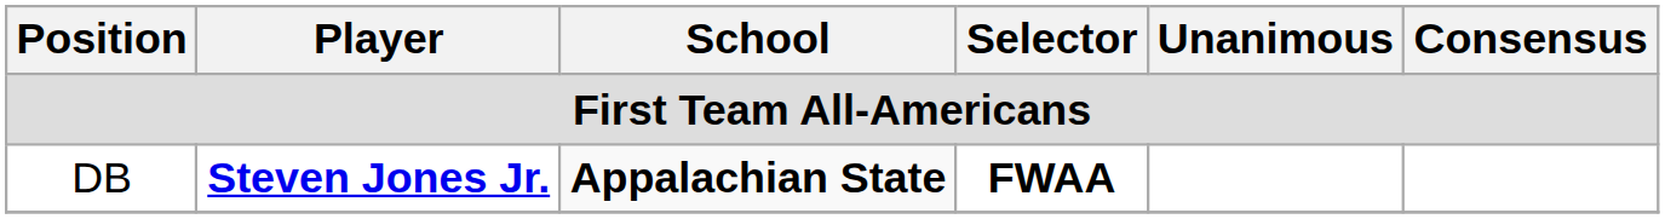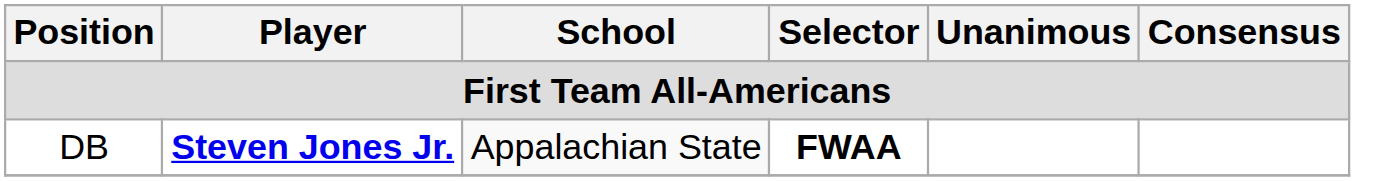 <table class="wikitable" border="0">
 <tr>
 <th>Position</th>
 <th>Player</th>
 <th>School</th>
 <th>Selector</th>
 <th>Unanimous</th>
 <th>Consensus</th>
 </tr>
 <tr>
 <td colspan="6" style="text-align:center; background:#ddd;"><strong>First Team All-Americans</strong></td>
 </tr>
 <tr style="text-align:center;">
 <td style="background:white">DB</td>
 <td style="background:white"><strong><a href='#'>Steven Jones Jr.</a></strong></td>
-<td style=><strong>Appalachian State</strong></td>
+<td style=>Appalachian State</td>
 <td style="background:white"><strong>FWAA</strong></td>
 <td style="background:white"></td>
 <td style="background:white"></td>
 </tr>
 <tr>
 </tr>
 </table>
